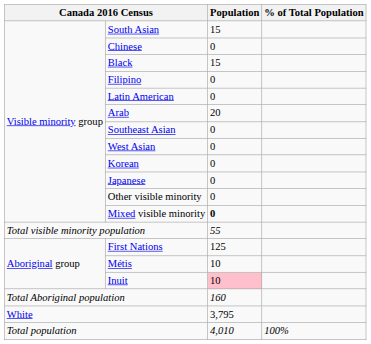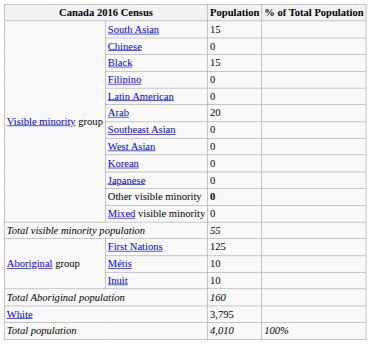 <table class="wikitable">
 <tr>
 <th colspan="2">Canada 2016 Census</th>
 <th>Population</th>
 <th>% of Total Population</th>
 </tr>
 <tr>
 <td rowspan="12"><a href='#'>Visible minority</a> group</td>
 <td><a href='#'>South Asian</a></td>
 <td>15</td>
 <td></td>
 </tr>
 <tr>
 <td><a href='#'>Chinese</a></td>
 <td>0</td>
 <td></td>
 </tr>
 <tr>
 <td><a href='#'>Black</a></td>
 <td>15</td>
 <td></td>
 </tr>
 <tr>
 <td><a href='#'>Filipino</a></td>
 <td>0</td>
 <td></td>
 </tr>
 <tr>
 <td><a href='#'>Latin American</a></td>
 <td>0</td>
 <td></td>
 </tr>
 <tr>
 <td><a href='#'>Arab</a></td>
 <td>20</td>
 <td></td>
 </tr>
 <tr>
 <td><a href='#'>Southeast Asian</a></td>
 <td>0</td>
 <td></td>
 </tr>
 <tr>
 <td><a href='#'>West Asian</a></td>
 <td>0</td>
 <td></td>
 </tr>
 <tr>
 <td><a href='#'>Korean</a></td>
 <td>0</td>
 <td></td>
 </tr>
 <tr>
 <td><a href='#'>Japanese</a></td>
 <td>0</td>
 <td></td>
 </tr>
 <tr>
 <td>Other visible minority</td>
-<td>0</td>
+<td><strong>0</strong></td>
 <td></td>
 </tr>
 <tr>
 <td><a href='#'>Mixed</a> visible minority</td>
-<td><strong>0</strong></td>
+<td>0</td>
 <td></td>
 </tr>
 <tr>
 <td colspan="2"><em>Total visible minority population</em></td>
 <td><em>55</em></td>
 <td><em></em></td>
 </tr>
 <tr>
 <td rowspan="3"><a href='#'>Aboriginal</a> group</td>
 <td><a href='#'>First Nations</a></td>
 <td>125</td>
 <td></td>
 </tr>
 <tr>
 <td><a href='#'>Métis</a></td>
 <td>10</td>
 <td></td>
 </tr>
 <tr>
 <td><a href='#'>Inuit</a></td>
-<td style="background: pink;">10</td>
+<td>10</td>
 <td></td>
 </tr>
 <tr>
 <td colspan="2"><em>Total Aboriginal population</em></td>
 <td><em>160</em></td>
 <td><em></em></td>
 </tr>
 <tr>
 <td colspan="2"><a href='#'>White</a></td>
 <td>3,795</td>
 <td></td>
 </tr>
 <tr>
 <td colspan="2"><em>Total population</em></td>
 <td><em>4,010</em></td>
 <td><em>100%</em></td>
 </tr>
 </table>
